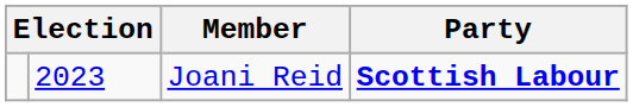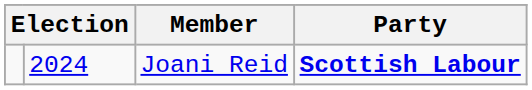 <table class="wikitable">
 <tr>
 <th colspan="2">Election</th>
 <th>Member</th>
 <th>Party</th>
 </tr>
 <tr>
 <td style="color:inherit;background-color: "></td>
-<td><a href='#'>2023</a></td>
+<td><a href='#'>2024</a></td>
 <td><a href='#'>Joani Reid</a></td>
 <td><strong><a href='#'>Scottish Labour</a></strong></td>
 </tr>
 </table>
